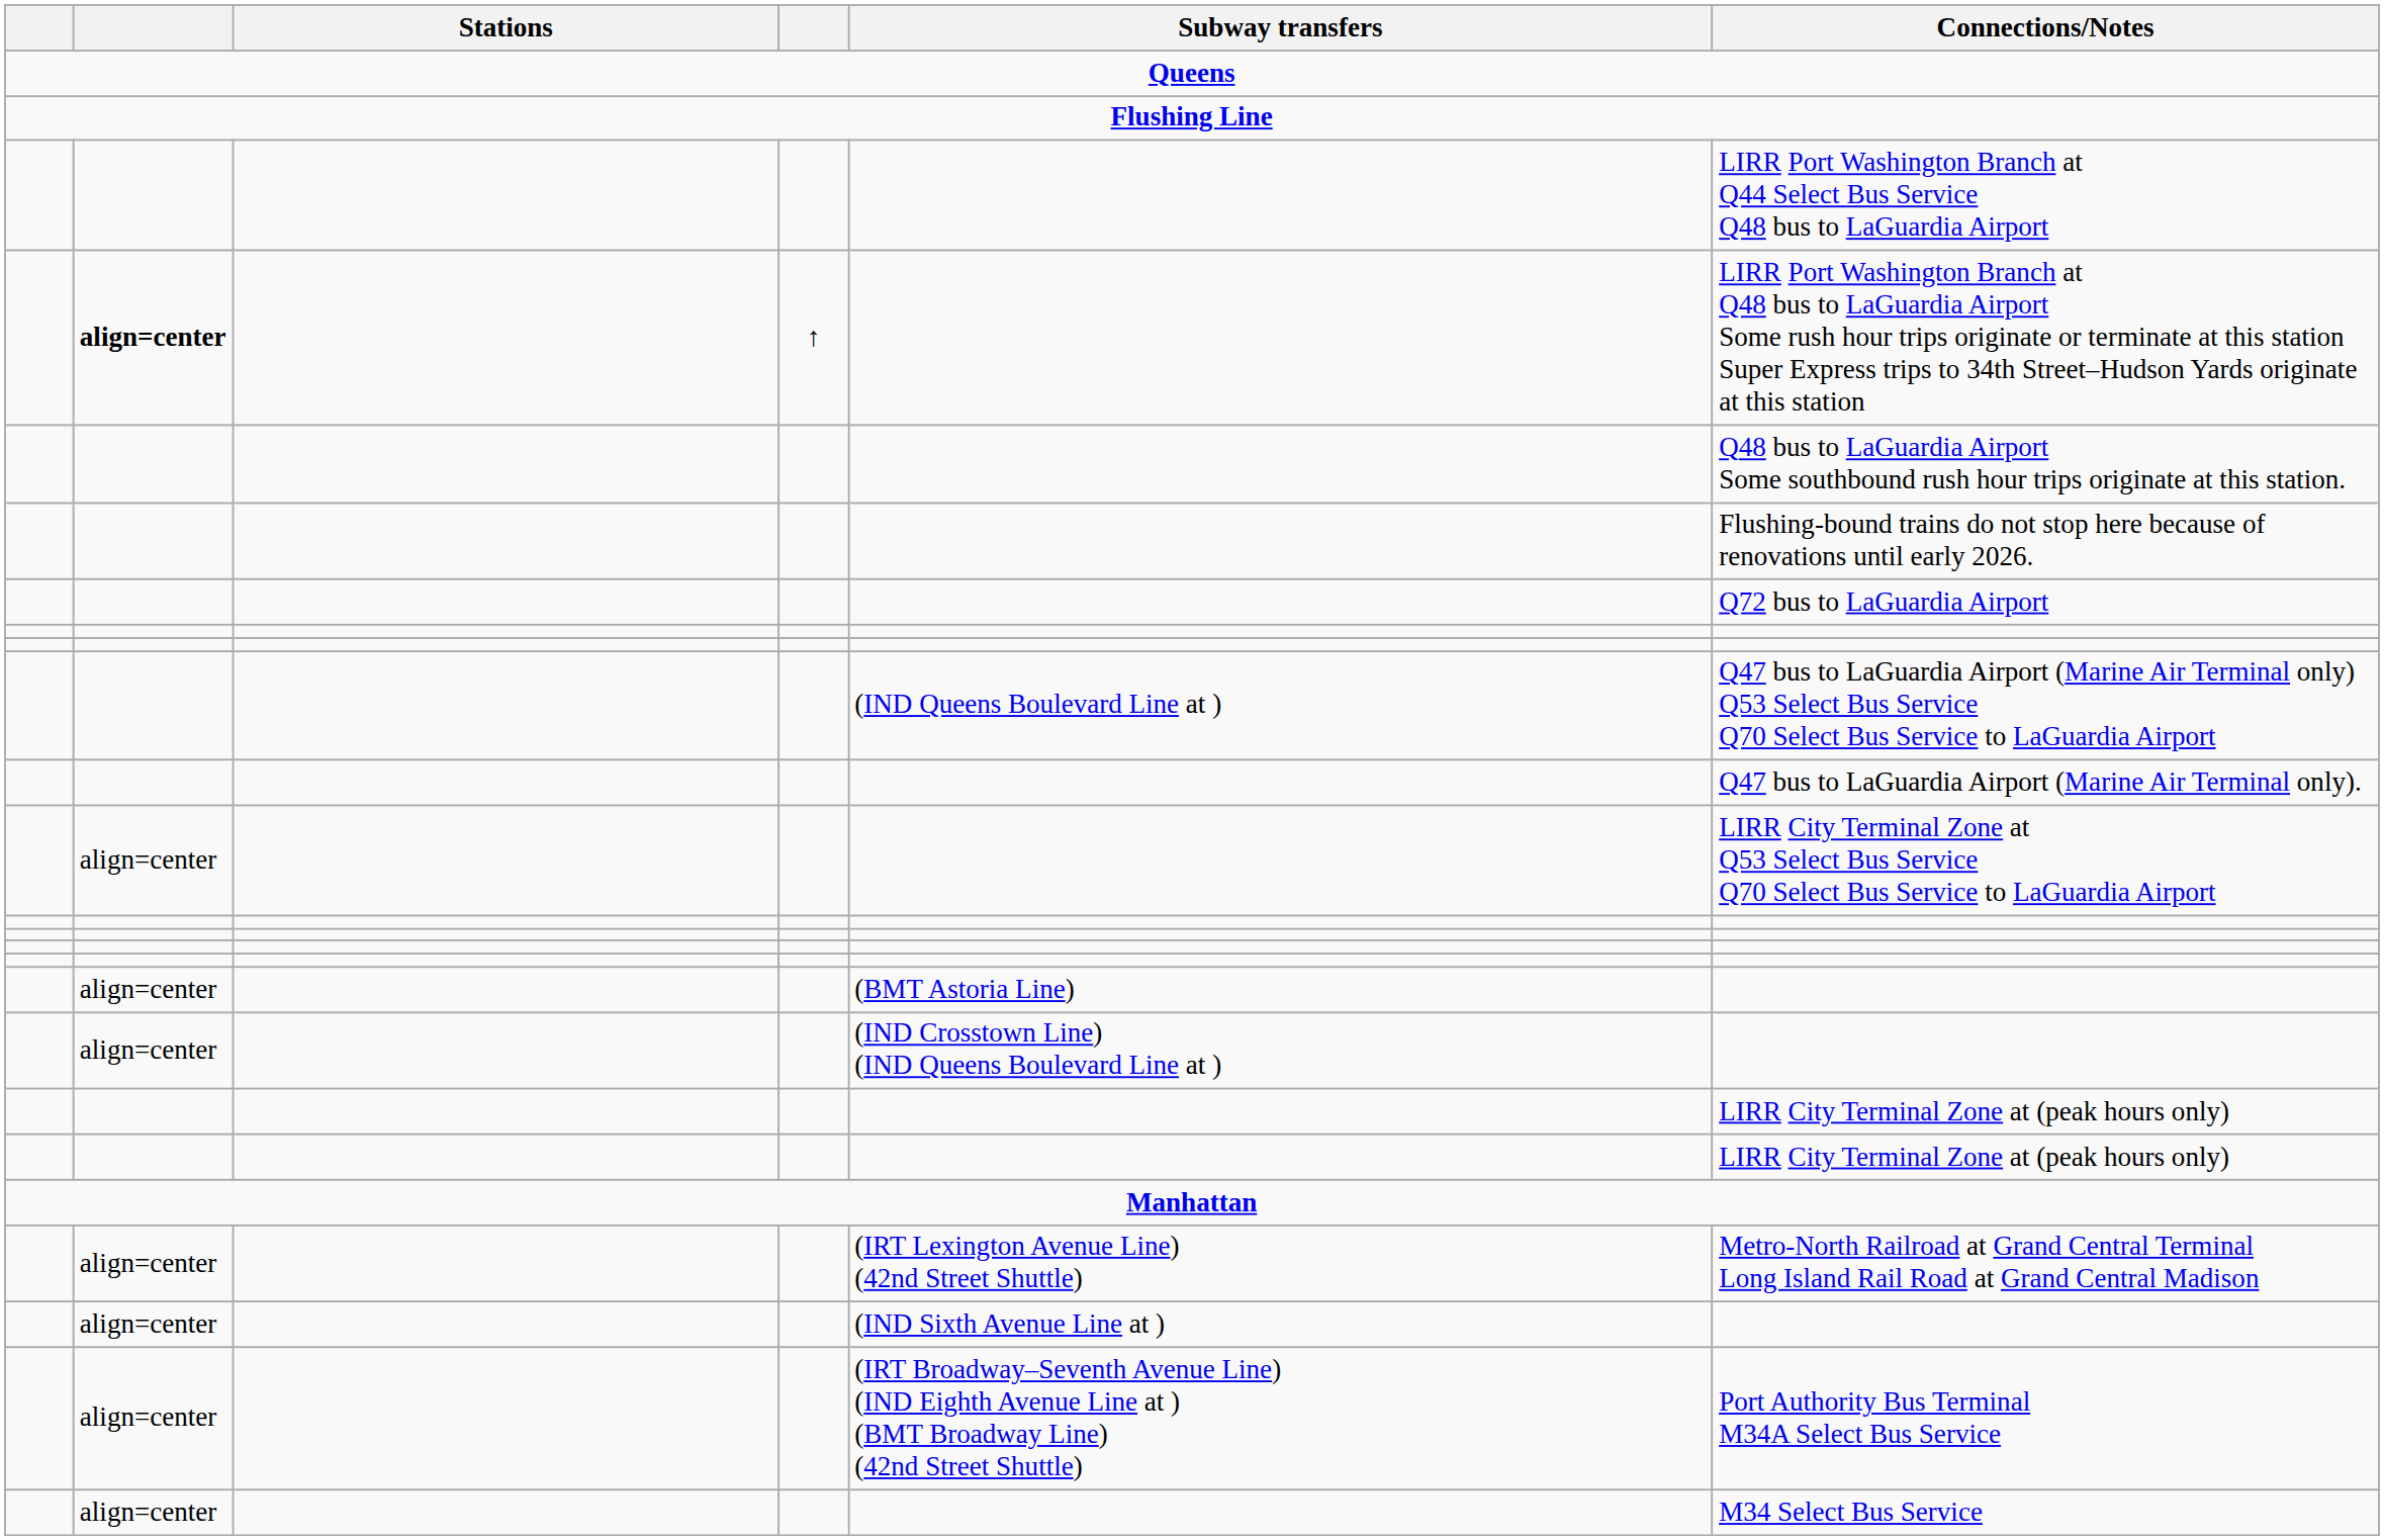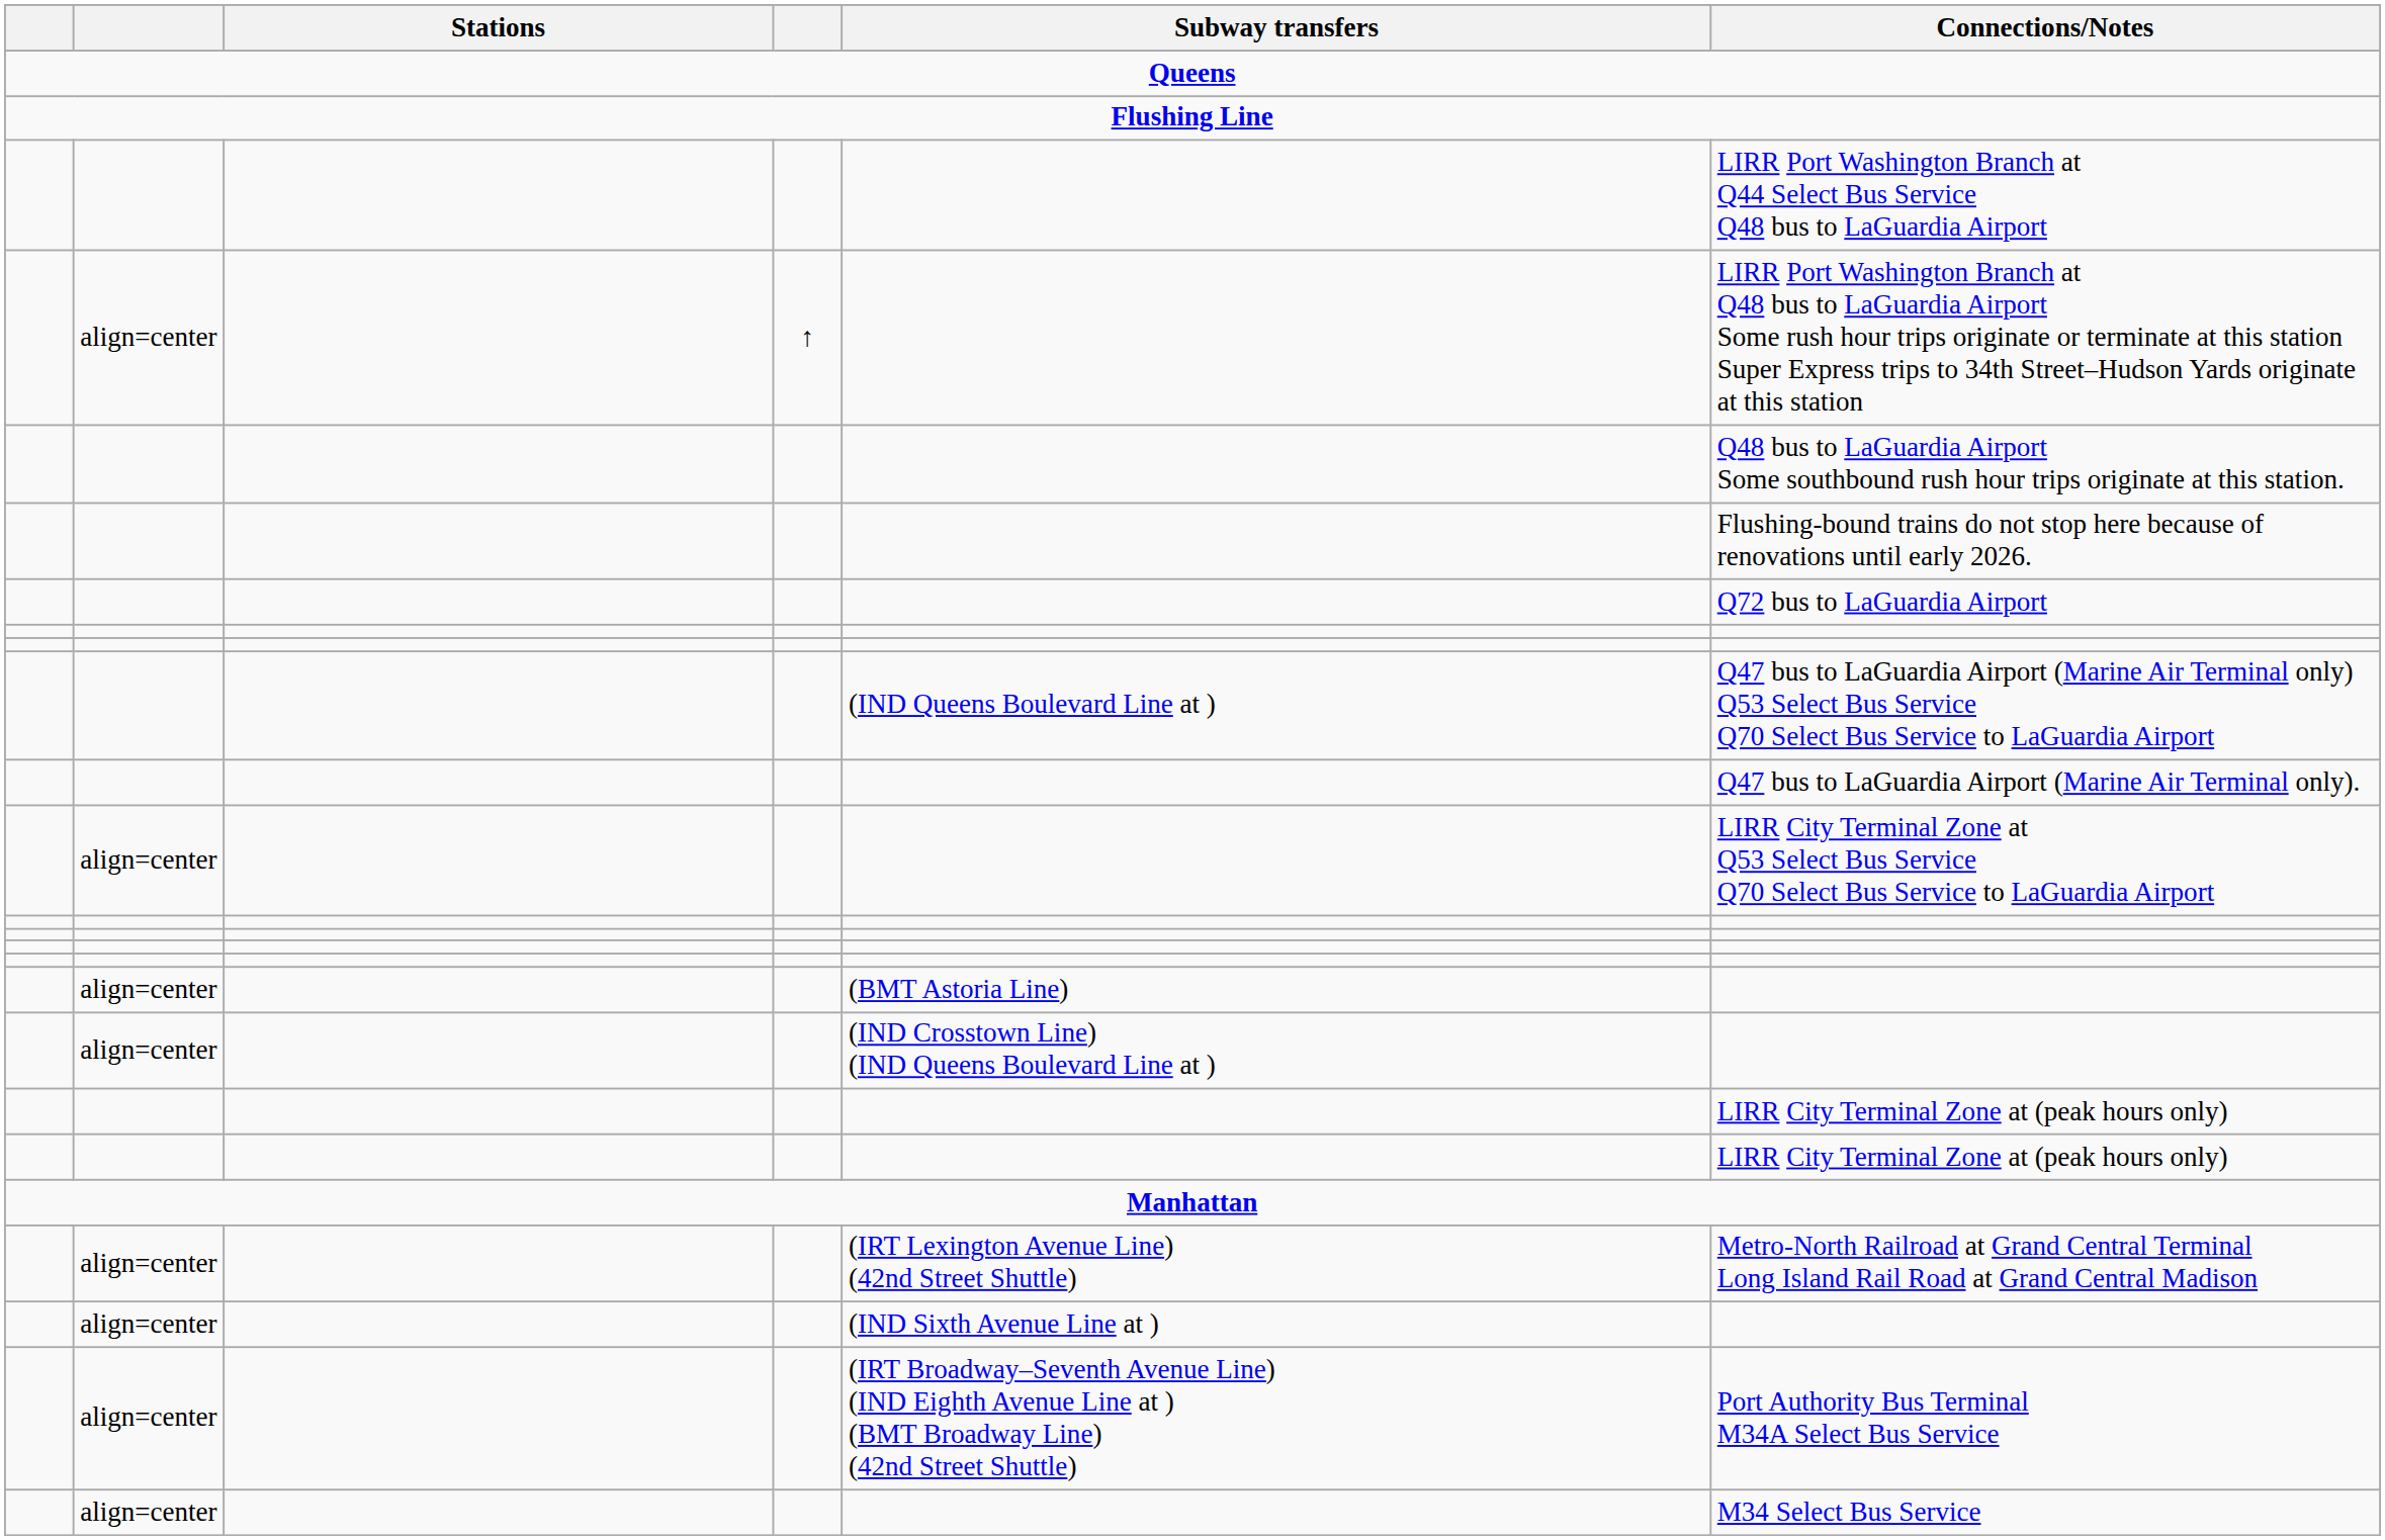 <table class="wikitable collapsible" style="font-size:90%" summary="Service information for the 7 train and its stations, including service times, ADA-accessibility, subway transfers, and non-subway connections.">
 <tr>
 <th style="width:3%;"><br></th>
 <th style="width:3%;"><br></th>
 <th style="width:24%;">Stations</th>
 <th style="width:3%;"></th>
 <th style="width:38%;">Subway transfers</th>
 <th style="width:29%;">Connections/Notes</th>
 </tr>
 <tr>
 <td style="font-weight:bold; text-align:center" colspan=7><a href='#'>Queens</a></td>
 </tr>
 <tr>
 <td style="font-weight:bold; text-align:center" colspan=7><a href='#'>Flushing Line</a></td>
 </tr>
 <tr>
 <td align=center></td>
 <td align=center></td>
 <td></td>
 <td align=center></td>
 <td></td>
 <td><a href='#'>LIRR</a> <a href='#'>Port Washington Branch</a> at <br><a href='#'>Q44 Select Bus Service</a><br><a href='#'>Q48</a> bus to <a href='#'>LaGuardia Airport</a></td>
 </tr>
 <tr>
 <td align=center></td>
-<td><strong>align=center </strong></td>
+<td>align=center </td>
 <td></td>
 <td align=center>↑</td>
 <td></td>
 <td><a href='#'>LIRR</a> <a href='#'>Port Washington Branch</a> at <br><a href='#'>Q48</a> bus to <a href='#'>LaGuardia Airport</a><br>Some rush hour trips originate or terminate at this station<br>Super Express trips to 34th Street–Hudson Yards originate at this station</td>
 </tr>
 <tr>
 <td align=center></td>
 <td align=center></td>
 <td></td>
 <td></td>
 <td></td>
 <td><a href='#'>Q48</a> bus to <a href='#'>LaGuardia Airport</a><br>Some southbound rush hour trips originate at this station.</td>
 </tr>
 <tr>
 <td align=center></td>
 <td align=center></td>
 <td></td>
 <td></td>
 <td></td>
 <td>Flushing-bound trains do not stop here because of renovations until early 2026.</td>
 </tr>
 <tr>
 <td align=center></td>
 <td align=center></td>
 <td></td>
 <td align=center></td>
 <td></td>
 <td><a href='#'>Q72</a> bus to <a href='#'>LaGuardia Airport</a></td>
 </tr>
 <tr>
 <td align=center></td>
 <td align=center></td>
 <td></td>
 <td></td>
 <td></td>
 <td></td>
 </tr>
 <tr>
 <td align=center></td>
 <td align=center></td>
 <td></td>
 <td></td>
 <td></td>
 <td></td>
 </tr>
 <tr>
 <td align=center></td>
 <td align=center></td>
 <td></td>
 <td align=center></td>
 <td> (<a href='#'>IND Queens Boulevard Line</a> at )</td>
 <td><a href='#'>Q47</a> bus to LaGuardia Airport (<a href='#'>Marine Air Terminal</a> only)<br><a href='#'>Q53 Select Bus Service</a><br><a href='#'>Q70 Select Bus Service</a> to <a href='#'>LaGuardia Airport</a></td>
 </tr>
 <tr>
 <td align=center></td>
 <td align=center></td>
 <td></td>
 <td></td>
 <td></td>
 <td><a href='#'>Q47</a> bus to LaGuardia Airport (<a href='#'>Marine Air Terminal</a> only).</td>
 </tr>
 <tr>
 <td align=center></td>
 <td>align=center </td>
 <td></td>
 <td align=center></td>
 <td></td>
 <td><a href='#'>LIRR</a> <a href='#'>City Terminal Zone</a> at <br><a href='#'>Q53 Select Bus Service</a><br><a href='#'>Q70 Select Bus Service</a> to <a href='#'>LaGuardia Airport</a></td>
 </tr>
 <tr>
 <td align=center></td>
 <td align=center></td>
 <td></td>
 <td></td>
 <td></td>
 <td></td>
 </tr>
 <tr>
 <td align=center></td>
 <td align=center></td>
 <td></td>
 <td></td>
 <td></td>
 <td></td>
 </tr>
 <tr>
 <td align=center></td>
 <td align=center></td>
 <td></td>
 <td></td>
 <td></td>
 <td></td>
 </tr>
 <tr>
 <td align=center></td>
 <td align=center></td>
 <td></td>
 <td></td>
 <td></td>
 <td></td>
 </tr>
 <tr>
 <td align=center></td>
 <td>align=center </td>
 <td></td>
 <td align=center></td>
 <td> (<a href='#'>BMT Astoria Line</a>)</td>
 <td></td>
 </tr>
 <tr>
 <td align=center></td>
 <td>align=center </td>
 <td></td>
 <td align=center></td>
 <td> (<a href='#'>IND Crosstown Line</a>) <br>  (<a href='#'>IND Queens Boulevard Line</a> at )</td>
 <td></td>
 </tr>
 <tr>
 <td align=center></td>
 <td align=center></td>
 <td></td>
 <td></td>
 <td></td>
 <td><a href='#'>LIRR</a> <a href='#'>City Terminal Zone</a> at  (peak hours only)</td>
 </tr>
 <tr>
 <td align=center></td>
 <td align=center></td>
 <td></td>
 <td></td>
 <td></td>
 <td><a href='#'>LIRR</a> <a href='#'>City Terminal Zone</a> at  (peak hours only)</td>
 </tr>
 <tr>
 <td style="font-weight:bold; text-align:center;" colspan="6"><a href='#'>Manhattan</a></td>
 </tr>
 <tr>
 <td align=center></td>
 <td>align=center </td>
 <td></td>
 <td align=center></td>
 <td> (<a href='#'>IRT Lexington Avenue Line</a>)<br> (<a href='#'>42nd Street Shuttle</a>)</td>
 <td><a href='#'>Metro-North Railroad</a> at <a href='#'>Grand Central Terminal</a><br><a href='#'>Long Island Rail Road</a> at <a href='#'>Grand Central Madison</a></td>
 </tr>
 <tr>
 <td align=center></td>
 <td>align=center </td>
 <td></td>
 <td align=center></td>
 <td> (<a href='#'>IND Sixth Avenue Line</a> at )</td>
 <td></td>
 </tr>
 <tr>
 <td align=center></td>
 <td>align=center </td>
 <td></td>
 <td align=center></td>
 <td> (<a href='#'>IRT Broadway–Seventh Avenue Line</a>)<br> (<a href='#'>IND Eighth Avenue Line</a> at )<br> (<a href='#'>BMT Broadway Line</a>)<br> (<a href='#'>42nd Street Shuttle</a>)</td>
 <td><a href='#'>Port Authority Bus Terminal</a><br><a href='#'>M34A Select Bus Service</a></td>
 </tr>
 <tr>
 <td align=center></td>
 <td>align=center </td>
 <td></td>
 <td align=center></td>
 <td></td>
 <td><a href='#'>M34 Select Bus Service</a></td>
 </tr>
 </table>
